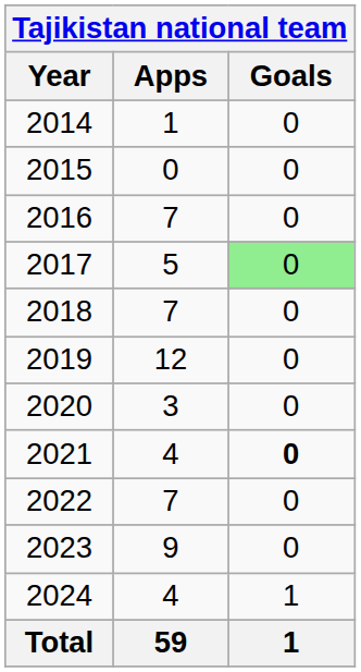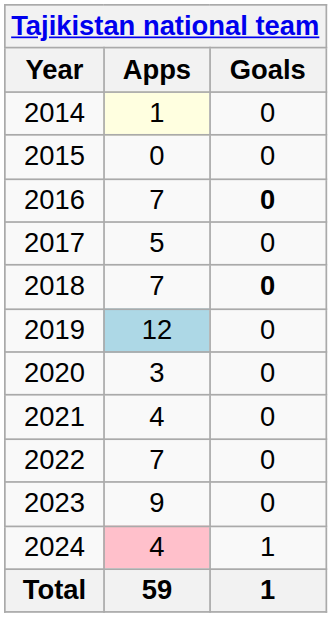 <table class="wikitable" style="text-align:center">
 <tr>
 <th colspan=3><a href='#'>Tajikistan national team</a></th>
 </tr>
 <tr>
 <th>Year</th>
 <th>Apps</th>
 <th>Goals</th>
 </tr>
 <tr>
 <td>2014</td>
-<td>1</td>
+<td style="background: lightyellow;">1</td>
 <td>0</td>
 </tr>
 <tr>
 <td>2015</td>
 <td>0</td>
 <td>0</td>
 </tr>
 <tr>
 <td>2016</td>
 <td>7</td>
-<td>0</td>
+<td><strong>0</strong></td>
 </tr>
 <tr>
 <td>2017</td>
 <td>5</td>
-<td style="background: lightgreen;">0</td>
+<td>0</td>
 </tr>
 <tr>
 <td>2018</td>
 <td>7</td>
-<td>0</td>
+<td><strong>0</strong></td>
 </tr>
 <tr>
 <td>2019</td>
-<td>12</td>
+<td style="background: lightblue;">12</td>
 <td>0</td>
 </tr>
 <tr>
 <td>2020</td>
 <td>3</td>
 <td>0</td>
 </tr>
 <tr>
 <td>2021</td>
 <td>4</td>
-<td><strong>0</strong></td>
+<td>0</td>
 </tr>
 <tr>
 <td>2022</td>
 <td>7</td>
 <td>0</td>
 </tr>
 <tr>
 <td>2023</td>
 <td>9</td>
 <td>0</td>
 </tr>
 <tr>
 <td>2024</td>
-<td>4</td>
+<td style="background: pink;">4</td>
 <td>1</td>
 </tr>
 <tr>
 <th>Total</th>
 <th>59</th>
 <th>1</th>
 </tr>
 </table>
